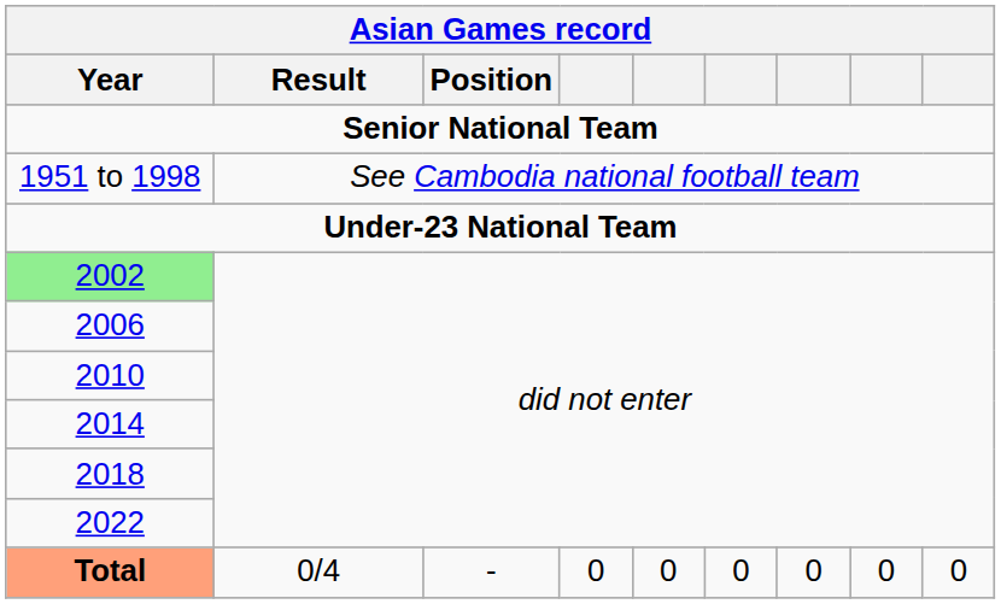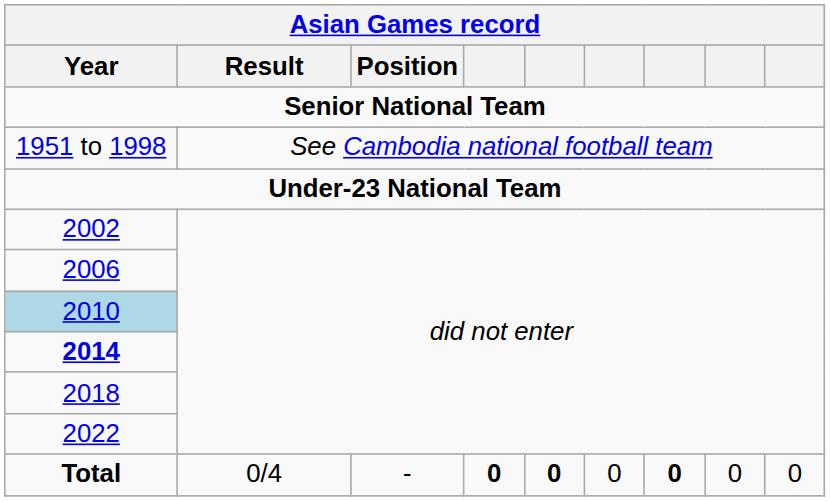 <table class="wikitable" style="text-align: center; font-size:100%">
 <tr>
 <th colspan=9><a href='#'>Asian Games record</a></th>
 </tr>
 <tr>
 <th style="width:100px;">Year</th>
 <th style="width:100px;">Result</th>
 <th style="width:60px;">Position</th>
 <th style="width:30px;"></th>
 <th style="width:30px;"></th>
 <th style="width:30px;"></th>
 <th style="width:30px;"></th>
 <th style="width:30px;"></th>
 <th style="width:30px;"></th>
 </tr>
 <tr>
 <td colspan=9><strong>Senior National Team</strong></td>
 </tr>
 <tr>
 <td><a href='#'>1951</a> to <a href='#'>1998</a></td>
 <td colspan=8><em>See <a href='#'>Cambodia national football team</a></em></td>
 </tr>
 <tr>
 <td colspan=9><strong>Under-23 National Team</strong></td>
 </tr>
 <tr>
-<td style="background: lightgreen;"> <a href='#'>2002</a></td>
+<td> <a href='#'>2002</a></td>
 <td rowspan=6 colspan=9><em>did not enter</em></td>
 </tr>
 <tr>
 <td> <a href='#'>2006</a></td>
 </tr>
 <tr>
-<td> <a href='#'>2010</a></td>
+<td style="background: lightblue;"> <a href='#'>2010</a></td>
 </tr>
 <tr>
-<td> <a href='#'>2014</a></td>
+<td><strong> <a href='#'>2014</a></strong></td>
 </tr>
 <tr>
 <td> <a href='#'>2018</a></td>
 </tr>
 <tr>
 <td> <a href='#'>2022</a></td>
 </tr>
 <tr>
-<td style="background: lightsalmon;"><strong>Total</strong></td>
+<td><strong>Total</strong></td>
 <td>0/4</td>
 <td>-</td>
+<td><strong>0</strong></td>
+<td><strong>0</strong></td>
 <td>0</td>
-<td>0</td>
-<td>0</td>
-<td>0</td>
+<td><strong>0</strong></td>
 <td>0</td>
 <td>0</td>
 </tr>
 </table>
